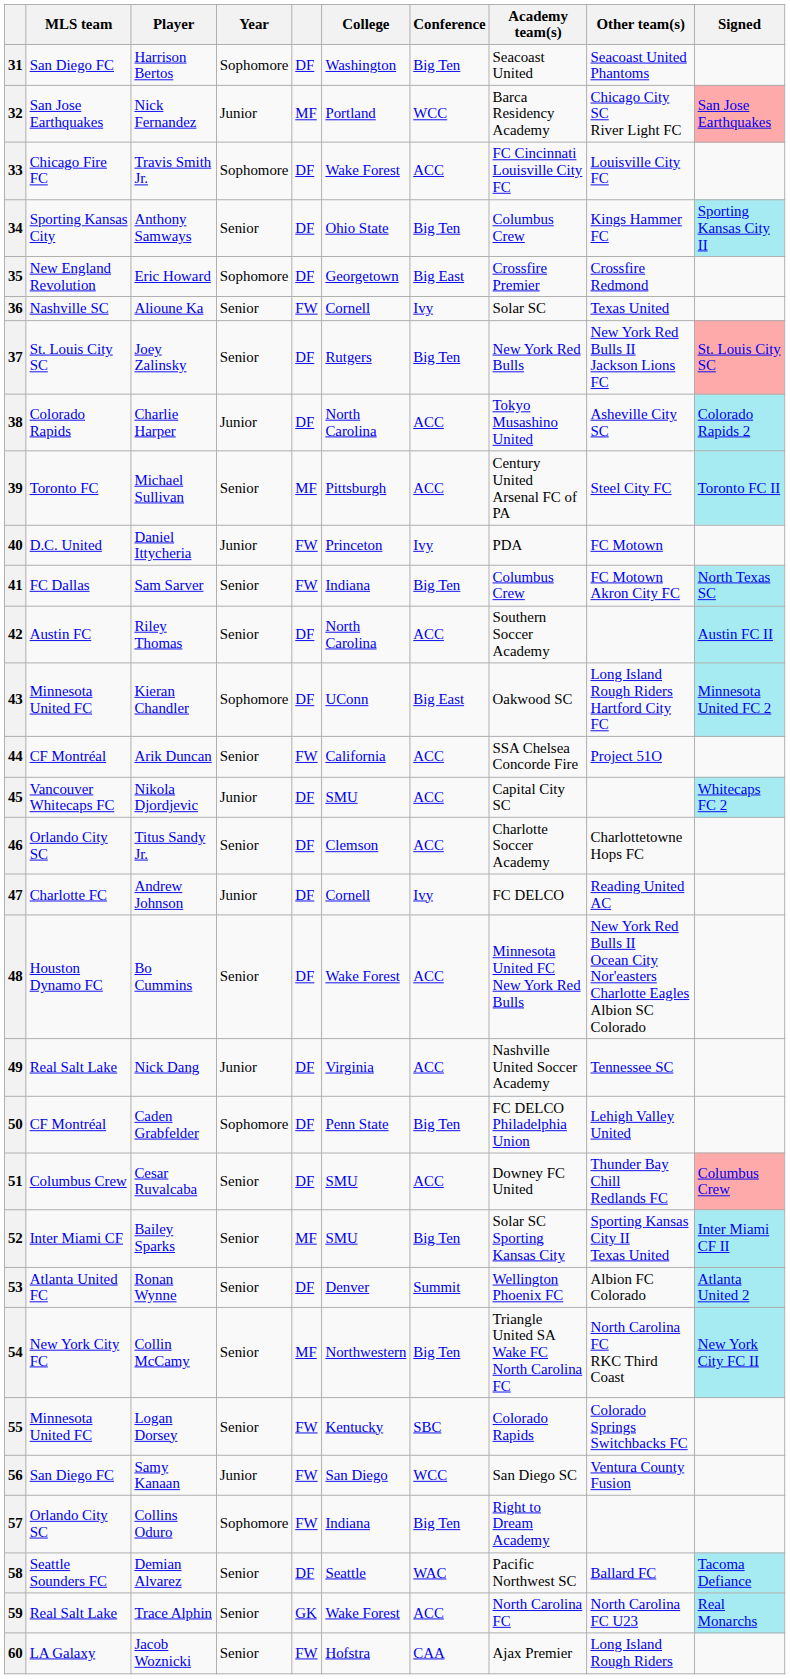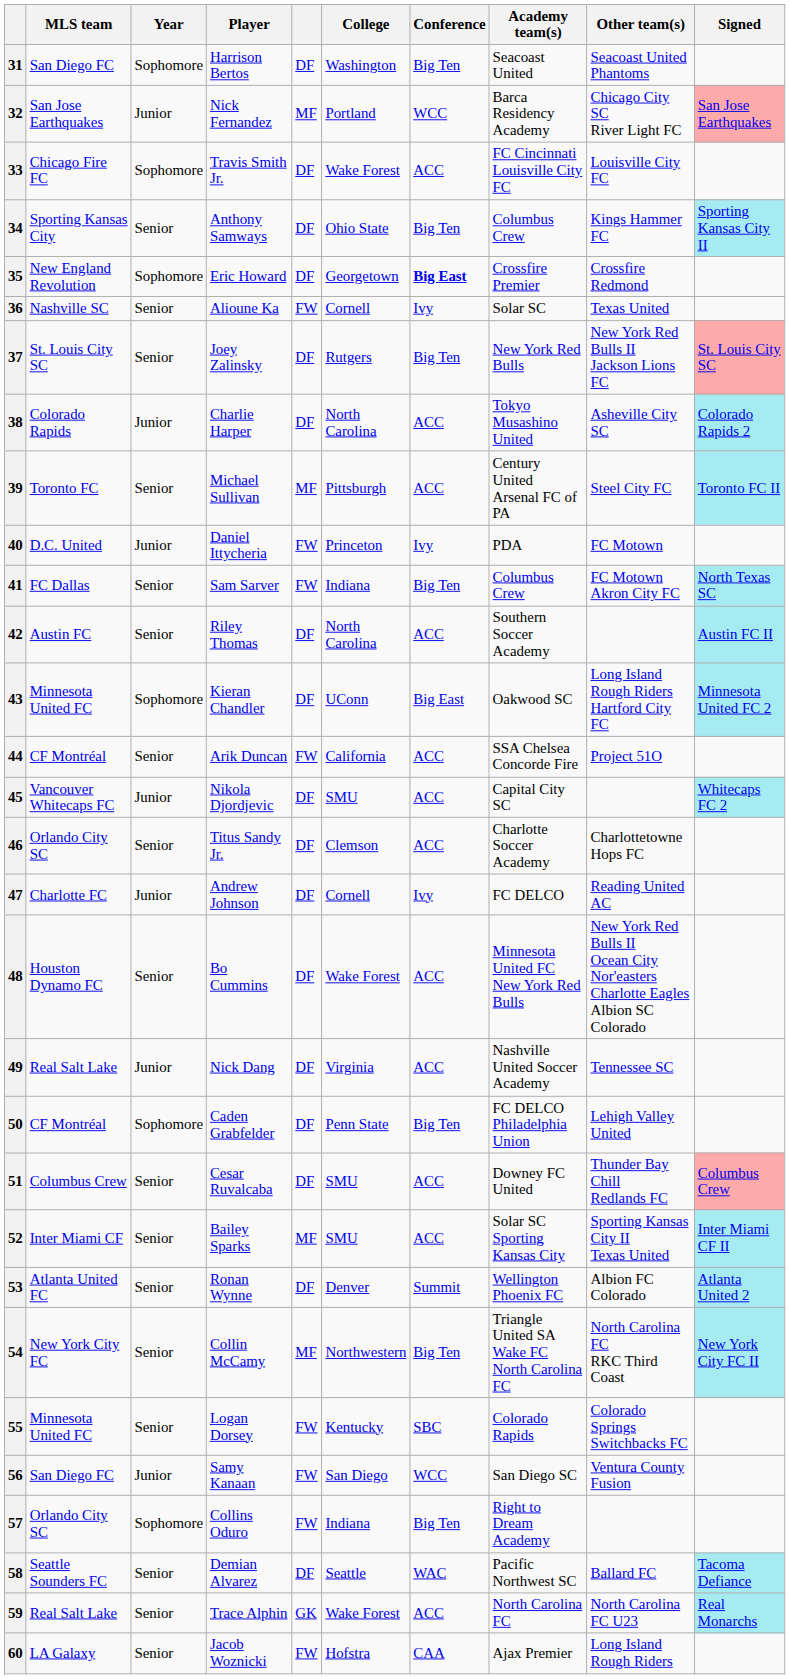 <table class="wikitable sortable" style="width:95%">
 <tr>
 <th width=2%></th>
 <th width=17%>MLS team</th>
+<th width=4%>Year</th>
 <th width=13%>Player</th>
-<th width=4%>Year</th>
 <th width=4%></th>
 <th width="9%">College</th>
 <th width=8%>Conference</th>
 <th width="15%">Academy team(s)</th>
 <th width="15%">Other team(s)</th>
 <th width=15%>Signed</th>
 </tr>
 <tr>
 <th>31</th>
 <td><a href='#'>San Diego FC</a></td>
+<td>Sophomore</td>
 <td> <a href='#'>Harrison Bertos</a></td>
-<td>Sophomore</td>
 <td><a href='#'>DF</a></td>
 <td><a href='#'>Washington</a></td>
 <td><a href='#'>Big Ten</a></td>
 <td>Seacoast United</td>
 <td><a href='#'>Seacoast United Phantoms</a></td>
 <td></td>
 </tr>
 <tr>
 <th>32</th>
 <td><a href='#'>San Jose Earthquakes</a></td>
+<td>Junior</td>
 <td> <a href='#'>Nick Fernandez</a></td>
-<td>Junior</td>
 <td><a href='#'>MF</a></td>
 <td><a href='#'>Portland</a></td>
 <td><a href='#'>WCC</a></td>
 <td>Barca Residency Academy</td>
 <td><a href='#'>Chicago City SC</a><br>River Light FC</td>
 <td style="background:#FEAAAA;"> <a href='#'>San Jose Earthquakes</a></td>
 </tr>
 <tr>
 <th>33</th>
 <td><a href='#'>Chicago Fire FC</a></td>
+<td>Sophomore</td>
 <td> <a href='#'>Travis Smith Jr.</a></td>
-<td>Sophomore</td>
 <td><a href='#'>DF</a></td>
 <td><a href='#'>Wake Forest</a></td>
 <td><a href='#'>ACC</a></td>
 <td><a href='#'>FC Cincinnati</a><br><a href='#'>Louisville City FC</a></td>
 <td><a href='#'>Louisville City FC</a></td>
 <td></td>
 </tr>
 <tr>
 <th>34</th>
 <td><a href='#'>Sporting Kansas City</a></td>
+<td>Senior</td>
 <td> <a href='#'>Anthony Samways</a></td>
-<td>Senior</td>
 <td><a href='#'>DF</a></td>
 <td><a href='#'>Ohio State</a></td>
 <td><a href='#'>Big Ten</a></td>
 <td><a href='#'>Columbus Crew</a></td>
 <td><a href='#'>Kings Hammer FC</a></td>
 <td style="background:#A6EBF1;"> <a href='#'>Sporting Kansas City II</a></td>
 </tr>
 <tr>
 <th>35</th>
 <td><a href='#'>New England Revolution</a></td>
+<td>Sophomore</td>
 <td> <a href='#'>Eric Howard</a></td>
-<td>Sophomore</td>
 <td><a href='#'>DF</a></td>
 <td><a href='#'>Georgetown</a></td>
-<td><a href='#'>Big East</a></td>
+<td><strong><a href='#'>Big East</a></strong></td>
 <td><a href='#'>Crossfire Premier</a></td>
 <td><a href='#'>Crossfire Redmond</a></td>
 <td></td>
 </tr>
 <tr>
 <th>36</th>
 <td><a href='#'>Nashville SC</a></td>
+<td>Senior</td>
 <td> <a href='#'>Alioune Ka</a></td>
-<td>Senior</td>
 <td><a href='#'>FW</a></td>
 <td><a href='#'>Cornell</a></td>
 <td><a href='#'>Ivy</a></td>
 <td>Solar SC</td>
 <td><a href='#'>Texas United</a></td>
 <td></td>
 </tr>
 <tr>
 <th>37</th>
 <td><a href='#'>St. Louis City SC</a></td>
+<td>Senior</td>
 <td> <a href='#'>Joey Zalinsky</a></td>
-<td>Senior</td>
 <td><a href='#'>DF</a></td>
 <td><a href='#'>Rutgers</a></td>
 <td><a href='#'>Big Ten</a></td>
 <td><a href='#'>New York Red Bulls</a></td>
 <td><a href='#'>New York Red Bulls II</a><br><a href='#'>Jackson Lions FC</a></td>
 <td style="background:#FEAAAA;"> <a href='#'>St. Louis City SC</a></td>
 </tr>
 <tr>
 <th>38</th>
 <td><a href='#'>Colorado Rapids</a></td>
+<td>Junior</td>
 <td> <a href='#'>Charlie Harper</a></td>
-<td>Junior</td>
 <td><a href='#'>DF</a></td>
 <td><a href='#'>North Carolina</a></td>
 <td><a href='#'>ACC</a></td>
 <td><a href='#'>Tokyo Musashino United</a></td>
 <td><a href='#'>Asheville City SC</a></td>
 <td style="background:#A6EBF1;"> <a href='#'>Colorado Rapids 2</a></td>
 </tr>
 <tr>
 <th>39</th>
 <td><a href='#'>Toronto FC</a></td>
+<td>Senior</td>
 <td> <a href='#'>Michael Sullivan</a></td>
-<td>Senior</td>
 <td><a href='#'>MF</a></td>
 <td><a href='#'>Pittsburgh</a></td>
 <td><a href='#'>ACC</a></td>
 <td>Century United<br>Arsenal FC of PA</td>
 <td><a href='#'>Steel City FC</a></td>
 <td style="background:#A6EBF1;"> <a href='#'>Toronto FC II</a></td>
 </tr>
 <tr>
 <th>40</th>
 <td><a href='#'>D.C. United</a></td>
+<td>Junior</td>
 <td> <a href='#'>Daniel Ittycheria</a></td>
-<td>Junior</td>
 <td><a href='#'>FW</a></td>
 <td><a href='#'>Princeton</a></td>
 <td><a href='#'>Ivy</a></td>
 <td>PDA</td>
 <td><a href='#'>FC Motown</a></td>
 <td></td>
 </tr>
 <tr>
 <th>41</th>
 <td><a href='#'>FC Dallas</a></td>
+<td>Senior</td>
 <td> <a href='#'>Sam Sarver</a></td>
-<td>Senior</td>
 <td><a href='#'>FW</a></td>
 <td><a href='#'>Indiana</a></td>
 <td><a href='#'>Big Ten</a></td>
 <td><a href='#'>Columbus Crew</a></td>
 <td><a href='#'>FC Motown</a><br><a href='#'>Akron City FC</a></td>
 <td style="background:#A6EBF1;"> <a href='#'>North Texas SC</a></td>
 </tr>
 <tr>
 <th>42</th>
 <td><a href='#'>Austin FC</a></td>
+<td>Senior</td>
 <td> <a href='#'>Riley Thomas</a></td>
-<td>Senior</td>
 <td><a href='#'>DF</a></td>
 <td><a href='#'>North Carolina</a></td>
 <td><a href='#'>ACC</a></td>
 <td>Southern Soccer Academy</td>
 <td></td>
 <td style="background:#A6EBF1;"> <a href='#'>Austin FC II</a></td>
 </tr>
 <tr>
 <th>43</th>
 <td><a href='#'>Minnesota United FC</a> </td>
+<td>Sophomore</td>
 <td> <a href='#'>Kieran Chandler</a></td>
-<td>Sophomore</td>
 <td><a href='#'>DF</a></td>
 <td><a href='#'>UConn</a></td>
 <td><a href='#'>Big East</a></td>
 <td>Oakwood SC</td>
 <td><a href='#'>Long Island Rough Riders</a><br><a href='#'>Hartford City FC</a></td>
 <td style="background:#A6EBF1;"> <a href='#'>Minnesota United FC 2</a></td>
 </tr>
 <tr>
 <th>44</th>
 <td><a href='#'>CF Montréal</a> </td>
+<td>Senior</td>
 <td> <a href='#'>Arik Duncan</a></td>
-<td>Senior</td>
 <td><a href='#'>FW</a></td>
 <td><a href='#'>California</a></td>
 <td><a href='#'>ACC</a></td>
 <td>SSA Chelsea<br>Concorde Fire</td>
 <td><a href='#'>Project 51O</a></td>
 <td></td>
 </tr>
 <tr>
 <th>45</th>
 <td><a href='#'>Vancouver Whitecaps FC</a></td>
+<td>Junior</td>
 <td> <a href='#'>Nikola Djordjevic</a></td>
-<td>Junior</td>
 <td><a href='#'>DF</a></td>
 <td><a href='#'>SMU</a></td>
 <td><a href='#'>ACC</a></td>
 <td>Capital City SC</td>
 <td></td>
 <td style="background:#A6EBF1;"> <a href='#'>Whitecaps FC 2</a></td>
 </tr>
 <tr>
 <th>46</th>
 <td><a href='#'>Orlando City SC</a> </td>
+<td>Senior</td>
 <td> <a href='#'>Titus Sandy Jr.</a></td>
-<td>Senior</td>
 <td><a href='#'>DF</a></td>
 <td><a href='#'>Clemson</a></td>
 <td><a href='#'>ACC</a></td>
 <td>Charlotte Soccer Academy</td>
 <td>Charlottetowne Hops FC</td>
 <td></td>
 </tr>
 <tr>
 <th>47</th>
 <td><a href='#'>Charlotte FC</a></td>
+<td>Junior</td>
 <td> <a href='#'>Andrew Johnson</a></td>
-<td>Junior</td>
 <td><a href='#'>DF</a></td>
 <td><a href='#'>Cornell</a></td>
 <td><a href='#'>Ivy</a></td>
 <td>FC DELCO</td>
 <td><a href='#'>Reading United AC</a></td>
 <td></td>
 </tr>
 <tr>
 <th>48</th>
 <td><a href='#'>Houston Dynamo FC</a></td>
+<td>Senior</td>
 <td> <a href='#'>Bo Cummins</a></td>
-<td>Senior</td>
 <td><a href='#'>DF</a></td>
 <td><a href='#'>Wake Forest</a></td>
 <td><a href='#'>ACC</a></td>
 <td><a href='#'>Minnesota United FC</a><br><a href='#'>New York Red Bulls</a></td>
 <td><a href='#'>New York Red Bulls II</a><br><a href='#'>Ocean City Nor'easters</a><br><a href='#'>Charlotte Eagles</a><br>Albion SC Colorado</td>
 <td></td>
 </tr>
 <tr>
 <th>49</th>
 <td><a href='#'>Real Salt Lake</a></td>
+<td>Junior</td>
 <td> <a href='#'>Nick Dang</a></td>
-<td>Junior</td>
 <td><a href='#'>DF</a></td>
 <td><a href='#'>Virginia</a></td>
 <td><a href='#'>ACC</a></td>
 <td>Nashville United Soccer Academy</td>
 <td><a href='#'>Tennessee SC</a></td>
 <td></td>
 </tr>
 <tr>
 <th>50</th>
 <td><a href='#'>CF Montréal</a></td>
+<td>Sophomore</td>
 <td> <a href='#'>Caden Grabfelder</a></td>
-<td>Sophomore</td>
 <td><a href='#'>DF</a></td>
 <td><a href='#'>Penn State</a></td>
 <td><a href='#'>Big Ten</a></td>
 <td>FC DELCO<br><a href='#'>Philadelphia Union</a></td>
 <td><a href='#'>Lehigh Valley United</a></td>
 <td></td>
 </tr>
 <tr>
 <th>51</th>
 <td><a href='#'>Columbus Crew</a></td>
+<td>Senior</td>
 <td> <a href='#'>Cesar Ruvalcaba</a></td>
-<td>Senior</td>
 <td><a href='#'>DF</a></td>
 <td><a href='#'>SMU</a></td>
 <td><a href='#'>ACC</a></td>
 <td>Downey FC United</td>
 <td><a href='#'>Thunder Bay Chill</a><br><a href='#'>Redlands FC</a></td>
 <td style="background:#FEAAAA;"> <a href='#'>Columbus Crew</a></td>
 </tr>
 <tr>
 <th>52</th>
 <td><a href='#'>Inter Miami CF</a></td>
+<td>Senior</td>
 <td> <a href='#'>Bailey Sparks</a></td>
-<td>Senior</td>
 <td><a href='#'>MF</a></td>
 <td><a href='#'>SMU</a></td>
-<td><a href='#'>Big Ten</a></td>
+<td><a href='#'>ACC</a></td>
 <td>Solar SC<br><a href='#'>Sporting Kansas City</a></td>
 <td><a href='#'>Sporting Kansas City II</a><br><a href='#'>Texas United</a></td>
 <td style="background:#A6EBF1;"> <a href='#'>Inter Miami CF II</a></td>
 </tr>
 <tr>
 <th>53</th>
 <td><a href='#'>Atlanta United FC</a></td>
+<td>Senior</td>
 <td> <a href='#'>Ronan Wynne</a></td>
-<td>Senior</td>
 <td><a href='#'>DF</a></td>
 <td><a href='#'>Denver</a></td>
 <td><a href='#'>Summit</a></td>
 <td><a href='#'>Wellington Phoenix FC</a></td>
 <td>Albion FC Colorado</td>
 <td style="background:#A6EBF1;"> <a href='#'>Atlanta United 2</a></td>
 </tr>
 <tr>
 <th>54</th>
 <td><a href='#'>New York City FC</a></td>
+<td>Senior</td>
 <td> <a href='#'>Collin McCamy</a></td>
-<td>Senior</td>
 <td><a href='#'>MF</a></td>
 <td><a href='#'>Northwestern</a></td>
 <td><a href='#'>Big Ten</a></td>
 <td>Triangle United SA<br><a href='#'>Wake FC</a><br><a href='#'>North Carolina FC</a></td>
 <td><a href='#'>North Carolina FC</a><br>RKC Third Coast</td>
 <td style="background:#A6EBF1;"> <a href='#'>New York City FC II</a></td>
 </tr>
 <tr>
 <th>55</th>
 <td><a href='#'>Minnesota United FC</a></td>
+<td>Senior</td>
 <td> <a href='#'>Logan Dorsey</a></td>
-<td>Senior</td>
 <td><a href='#'>FW</a></td>
 <td><a href='#'>Kentucky</a></td>
 <td><a href='#'>SBC</a></td>
 <td><a href='#'>Colorado Rapids</a></td>
 <td><a href='#'>Colorado Springs Switchbacks FC</a></td>
 <td></td>
 </tr>
 <tr>
 <th>56</th>
 <td><a href='#'>San Diego FC</a></td>
+<td>Junior</td>
 <td> <a href='#'>Samy Kanaan</a></td>
-<td>Junior</td>
 <td><a href='#'>FW</a></td>
 <td><a href='#'>San Diego</a></td>
 <td><a href='#'>WCC</a></td>
 <td>San Diego SC</td>
 <td><a href='#'>Ventura County Fusion</a></td>
 <td></td>
 </tr>
 <tr>
 <th>57</th>
 <td><a href='#'>Orlando City SC</a></td>
+<td>Sophomore</td>
 <td> <a href='#'>Collins Oduro</a></td>
-<td>Sophomore</td>
 <td><a href='#'>FW</a></td>
 <td><a href='#'>Indiana</a></td>
 <td><a href='#'>Big Ten</a></td>
 <td><a href='#'>Right to Dream Academy</a></td>
 <td></td>
 <td></td>
 </tr>
 <tr>
 <th>58</th>
 <td><a href='#'>Seattle Sounders FC</a></td>
+<td>Senior</td>
 <td> <a href='#'>Demian Alvarez</a></td>
-<td>Senior</td>
 <td><a href='#'>DF</a></td>
 <td><a href='#'>Seattle</a></td>
 <td><a href='#'>WAC</a></td>
 <td>Pacific Northwest SC</td>
 <td><a href='#'>Ballard FC</a></td>
 <td style="background:#A6EBF1;"> <a href='#'>Tacoma Defiance</a></td>
 </tr>
 <tr>
 <th>59</th>
 <td><a href='#'>Real Salt Lake</a></td>
+<td>Senior</td>
 <td> <a href='#'>Trace Alphin</a></td>
-<td>Senior</td>
 <td><a href='#'>GK</a></td>
 <td><a href='#'>Wake Forest</a></td>
 <td><a href='#'>ACC</a></td>
 <td><a href='#'>North Carolina FC</a></td>
 <td><a href='#'>North Carolina FC U23</a></td>
 <td style="background:#A6EBF1;"> <a href='#'>Real Monarchs</a></td>
 </tr>
 <tr>
 <th>60</th>
 <td><a href='#'>LA Galaxy</a></td>
+<td>Senior</td>
 <td> <a href='#'>Jacob Woznicki</a></td>
-<td>Senior</td>
 <td><a href='#'>FW</a></td>
 <td><a href='#'>Hofstra</a></td>
 <td><a href='#'>CAA</a></td>
 <td>Ajax Premier</td>
 <td><a href='#'>Long Island Rough Riders</a></td>
 <td></td>
 </tr>
 </table>
